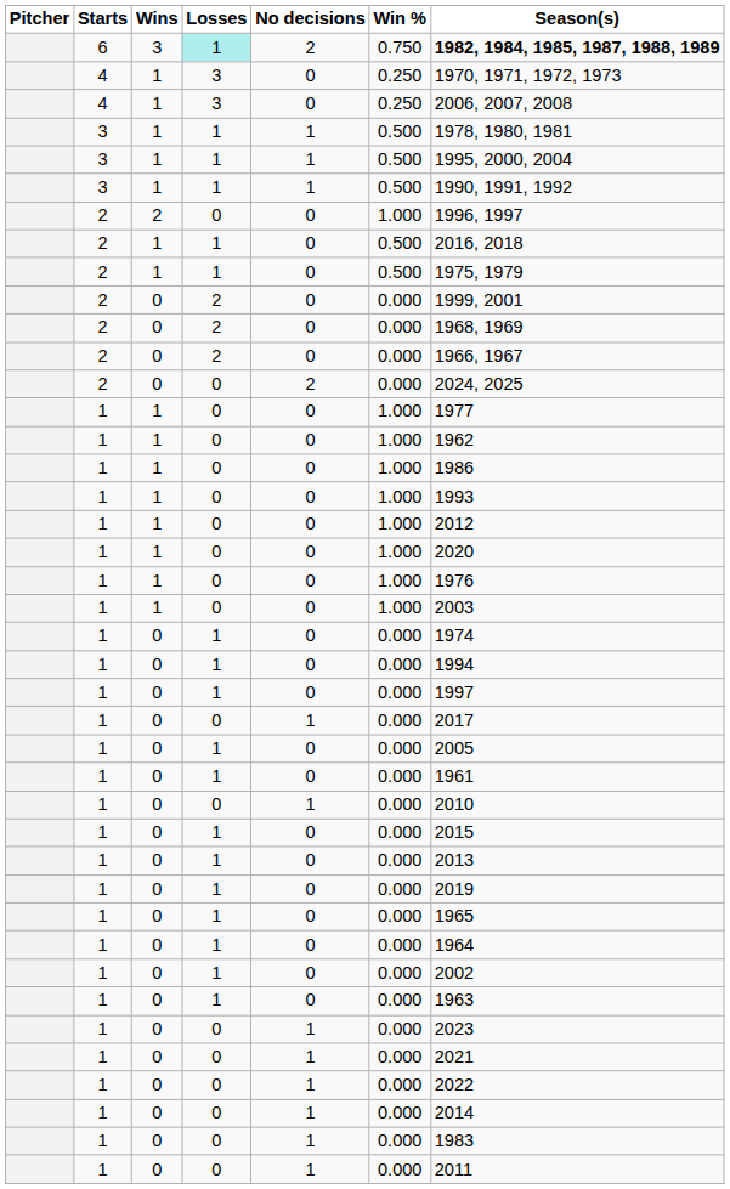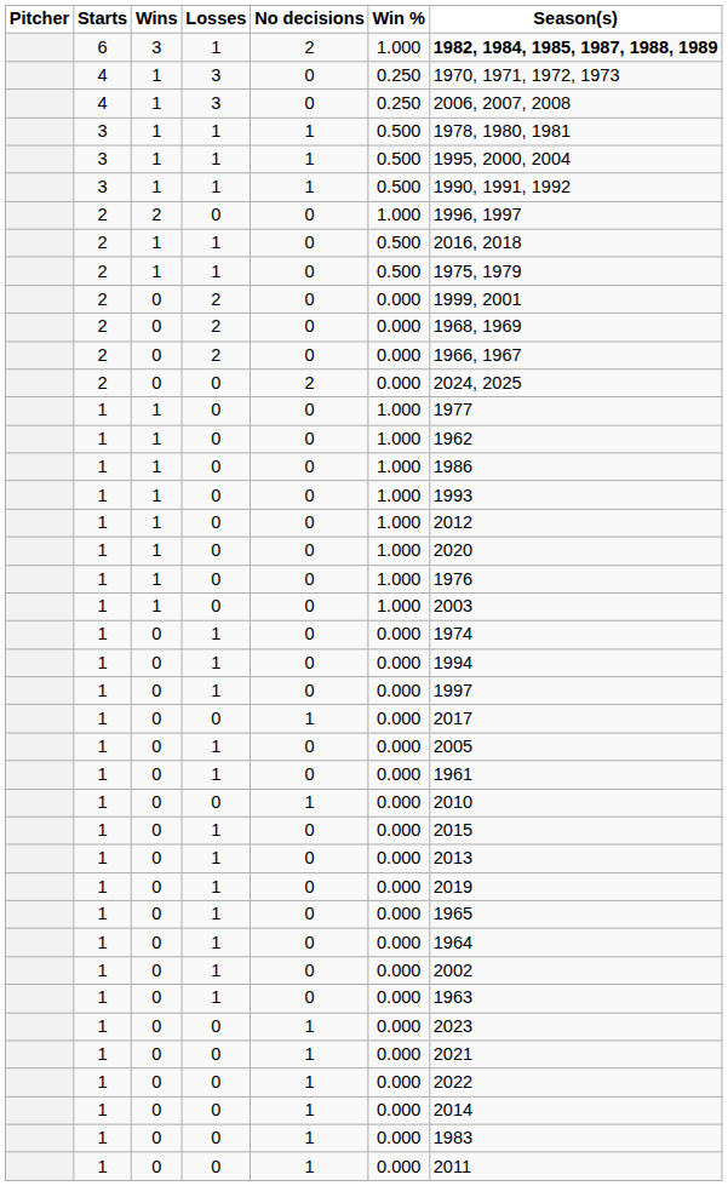 <table class="wikitable sortable plainrowheaders">
 <tr>
 <th scope="col" style="background-color:#ffffff; border-top:#">Pitcher</th>
 <th scope="col" style="background-color:#ffffff; border-top:#">Starts</th>
 <th scope="col" style="background-color:#ffffff; border-top:#">Wins</th>
 <th scope="col" style="background-color:#ffffff; border-top:#">Losses</th>
 <th scope="col" style="background-color:#ffffff; border-top:#">No decisions</th>
 <th scope="col" style="background-color:#ffffff; border-top:#">Win %</th>
 <th scope="col" style="background-color:#ffffff; border-top:#">Season(s)</th>
 </tr>
 <tr>
 <th scope="row"></th>
 <td align="center">6</td>
 <td align="center">3</td>
-<td align="center" style="background: paleturquoise;">1</td>
+<td align="center">1</td>
 <td align="center">2</td>
-<td align="center">0.750</td>
+<td align="center">1.000</td>
 <td><strong>1982, 1984, 1985, 1987, 1988, 1989</strong></td>
 </tr>
 <tr>
 <th scope="row"></th>
 <td align="center">4</td>
 <td align="center">1</td>
 <td align="center">3</td>
 <td align="center">0</td>
 <td align="center">0.250</td>
 <td>1970, 1971, 1972, 1973</td>
 </tr>
 <tr>
 <th scope="row"></th>
 <td align="center">4</td>
 <td align="center">1</td>
 <td align="center">3</td>
 <td align="center">0</td>
 <td align="center">0.250</td>
 <td>2006, 2007, 2008</td>
 </tr>
 <tr>
 <th scope="row"></th>
 <td align="center">3</td>
 <td align="center">1</td>
 <td align="center">1</td>
 <td align="center">1</td>
 <td align="center">0.500</td>
 <td>1978, 1980, 1981</td>
 </tr>
 <tr>
 <th scope="row"></th>
 <td align="center">3</td>
 <td align="center">1</td>
 <td align="center">1</td>
 <td align="center">1</td>
 <td align="center">0.500</td>
 <td>1995, 2000, 2004</td>
 </tr>
 <tr>
 <th scope="row"></th>
 <td align="center">3</td>
 <td align="center">1</td>
 <td align="center">1</td>
 <td align="center">1</td>
 <td align="center">0.500</td>
 <td>1990, 1991, 1992</td>
 </tr>
 <tr>
 <th scope="row"></th>
 <td align="center">2</td>
 <td align="center">2</td>
 <td align="center">0</td>
 <td align="center">0</td>
 <td align="center">1.000</td>
 <td>1996, 1997</td>
 </tr>
 <tr>
 <th scope="row"></th>
 <td align="center">2</td>
 <td align="center">1</td>
 <td align="center">1</td>
 <td align="center">0</td>
 <td align="center">0.500</td>
 <td>2016, 2018</td>
 </tr>
 <tr>
 <th scope="row"></th>
 <td align="center">2</td>
 <td align="center">1</td>
 <td align="center">1</td>
 <td align="center">0</td>
 <td align="center">0.500</td>
 <td>1975, 1979</td>
 </tr>
 <tr>
 <th scope="row"></th>
 <td align="center">2</td>
 <td align="center">0</td>
 <td align="center">2</td>
 <td align="center">0</td>
 <td align="center">0.000</td>
 <td>1999, 2001</td>
 </tr>
 <tr>
 <th scope="row"></th>
 <td align="center">2</td>
 <td align="center">0</td>
 <td align="center">2</td>
 <td align="center">0</td>
 <td align="center">0.000</td>
 <td>1968, 1969</td>
 </tr>
 <tr>
 <th scope="row"></th>
 <td align="center">2</td>
 <td align="center">0</td>
 <td align="center">2</td>
 <td align="center">0</td>
 <td align="center">0.000</td>
 <td>1966, 1967</td>
 </tr>
 <tr>
 <th scope="row"></th>
 <td align="center">2</td>
 <td align="center">0</td>
 <td align="center">0</td>
 <td align="center">2</td>
 <td align="center">0.000</td>
 <td>2024, 2025</td>
 </tr>
 <tr>
 <th scope="row"></th>
 <td align="center">1</td>
 <td align="center">1</td>
 <td align="center">0</td>
 <td align="center">0</td>
 <td align="center">1.000</td>
 <td>1977</td>
 </tr>
 <tr>
 <th scope="row"></th>
 <td align="center">1</td>
 <td align="center">1</td>
 <td align="center">0</td>
 <td align="center">0</td>
 <td align="center">1.000</td>
 <td>1962</td>
 </tr>
 <tr>
 <th scope="row"></th>
 <td align="center">1</td>
 <td align="center">1</td>
 <td align="center">0</td>
 <td align="center">0</td>
 <td align="center">1.000</td>
 <td>1986</td>
 </tr>
 <tr>
 <th scope="row"></th>
 <td align="center">1</td>
 <td align="center">1</td>
 <td align="center">0</td>
 <td align="center">0</td>
 <td align="center">1.000</td>
 <td>1993</td>
 </tr>
 <tr>
 <th scope="row"></th>
 <td align="center">1</td>
 <td align="center">1</td>
 <td align="center">0</td>
 <td align="center">0</td>
 <td align="center">1.000</td>
 <td>2012</td>
 </tr>
 <tr>
 <th scope="row"></th>
 <td align="center">1</td>
 <td align="center">1</td>
 <td align="center">0</td>
 <td align="center">0</td>
 <td align="center">1.000</td>
 <td>2020</td>
 </tr>
 <tr>
 <th scope="row"></th>
 <td align="center">1</td>
 <td align="center">1</td>
 <td align="center">0</td>
 <td align="center">0</td>
 <td align="center">1.000</td>
 <td>1976</td>
 </tr>
 <tr>
 <th scope="row"></th>
 <td align="center">1</td>
 <td align="center">1</td>
 <td align="center">0</td>
 <td align="center">0</td>
 <td align="center">1.000</td>
 <td>2003</td>
 </tr>
 <tr>
 <th scope="row"></th>
 <td align="center">1</td>
 <td align="center">0</td>
 <td align="center">1</td>
 <td align="center">0</td>
 <td align="center">0.000</td>
 <td>1974</td>
 </tr>
 <tr>
 <th scope="row"></th>
 <td align="center">1</td>
 <td align="center">0</td>
 <td align="center">1</td>
 <td align="center">0</td>
 <td align="center">0.000</td>
 <td>1994</td>
 </tr>
 <tr>
 <th scope="row"></th>
 <td align="center">1</td>
 <td align="center">0</td>
 <td align="center">1</td>
 <td align="center">0</td>
 <td align="center">0.000</td>
 <td>1997</td>
 </tr>
 <tr>
 <th scope="row"></th>
 <td align="center">1</td>
 <td align="center">0</td>
 <td align="center">0</td>
 <td align="center">1</td>
 <td align="center">0.000</td>
 <td>2017</td>
 </tr>
 <tr>
 <th scope="row"></th>
 <td align="center">1</td>
 <td align="center">0</td>
 <td align="center">1</td>
 <td align="center">0</td>
 <td align="center">0.000</td>
 <td>2005</td>
 </tr>
 <tr>
 <th scope="row"></th>
 <td align="center">1</td>
 <td align="center">0</td>
 <td align="center">1</td>
 <td align="center">0</td>
 <td align="center">0.000</td>
 <td>1961</td>
 </tr>
 <tr>
 <th scope="row"></th>
 <td align="center">1</td>
 <td align="center">0</td>
 <td align="center">0</td>
 <td align="center">1</td>
 <td align="center">0.000</td>
 <td>2010</td>
 </tr>
 <tr>
 <th scope="row"></th>
 <td align="center">1</td>
 <td align="center">0</td>
 <td align="center">1</td>
 <td align="center">0</td>
 <td align="center">0.000</td>
 <td>2015</td>
 </tr>
 <tr>
 <th scope="row"></th>
 <td align="center">1</td>
 <td align="center">0</td>
 <td align="center">1</td>
 <td align="center">0</td>
 <td align="center">0.000</td>
 <td>2013</td>
 </tr>
 <tr>
 <th scope="row"></th>
 <td align="center">1</td>
 <td align="center">0</td>
 <td align="center">1</td>
 <td align="center">0</td>
 <td align="center">0.000</td>
 <td>2019</td>
 </tr>
 <tr>
 <th scope="row"></th>
 <td align="center">1</td>
 <td align="center">0</td>
 <td align="center">1</td>
 <td align="center">0</td>
 <td align="center">0.000</td>
 <td>1965</td>
 </tr>
 <tr>
 <th scope="row"></th>
 <td align="center">1</td>
 <td align="center">0</td>
 <td align="center">1</td>
 <td align="center">0</td>
 <td align="center">0.000</td>
 <td>1964</td>
 </tr>
 <tr>
 <th scope="row"></th>
 <td align="center">1</td>
 <td align="center">0</td>
 <td align="center">1</td>
 <td align="center">0</td>
 <td align="center">0.000</td>
 <td>2002</td>
 </tr>
 <tr>
 <th scope="row"></th>
 <td align="center">1</td>
 <td align="center">0</td>
 <td align="center">1</td>
 <td align="center">0</td>
 <td align="center">0.000</td>
 <td>1963</td>
 </tr>
 <tr>
 <th scope="row"></th>
 <td align="center">1</td>
 <td align="center">0</td>
 <td align="center">0</td>
 <td align="center">1</td>
 <td align="center">0.000</td>
 <td>2023</td>
 </tr>
 <tr>
 <th scope="row"></th>
 <td align="center">1</td>
 <td align="center">0</td>
 <td align="center">0</td>
 <td align="center">1</td>
 <td align="center">0.000</td>
 <td>2021</td>
 </tr>
 <tr>
 <th scope="row"></th>
 <td align="center">1</td>
 <td align="center">0</td>
 <td align="center">0</td>
 <td align="center">1</td>
 <td align="center">0.000</td>
 <td>2022</td>
 </tr>
 <tr>
 <th scope="row"></th>
 <td align="center">1</td>
 <td align="center">0</td>
 <td align="center">0</td>
 <td align="center">1</td>
 <td align="center">0.000</td>
 <td>2014</td>
 </tr>
 <tr>
 <th scope="row"></th>
 <td align="center">1</td>
 <td align="center">0</td>
 <td align="center">0</td>
 <td align="center">1</td>
 <td align="center">0.000</td>
 <td>1983</td>
 </tr>
 <tr>
 <th scope="row"></th>
 <td align="center">1</td>
 <td align="center">0</td>
 <td align="center">0</td>
 <td align="center">1</td>
 <td align="center">0.000</td>
 <td>2011</td>
 </tr>
 </table>
